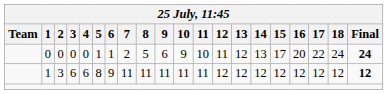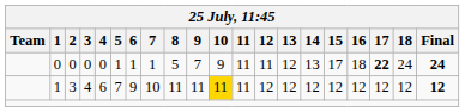 <table class=wikitable style="text-align:center; width: 55%">
 <tr>
 <th colspan=20><em>25 July, 11:45</em></th>
 </tr>
 <tr>
 <th>Team</th>
 <th>1</th>
 <th>2</th>
 <th>3</th>
 <th>4</th>
 <th>5</th>
 <th>6</th>
 <th>7</th>
 <th>8</th>
 <th>9</th>
 <th>10</th>
 <th>11</th>
 <th>12</th>
 <th>13</th>
 <th>14</th>
 <th>15</th>
 <th>16</th>
 <th>17</th>
 <th>18</th>
 <th>Final</th>
 </tr>
 <tr>
 <td align=left><strong></strong></td>
 <td>0</td>
 <td>0</td>
 <td>0</td>
 <td>0</td>
 <td>1</td>
 <td>1</td>
-<td>2</td>
+<td>1</td>
 <td>5</td>
-<td>6</td>
+<td>7</td>
 <td>9</td>
-<td>10</td>
+<td>11</td>
 <td>11</td>
 <td>12</td>
 <td>13</td>
 <td>17</td>
-<td>20</td>
-<td>22</td>
+<td>18</td>
+<td><strong>22</strong></td>
 <td>24</td>
 <td><strong>24</strong></td>
 </tr>
 <tr>
 <td align=left></td>
 <td>1</td>
 <td>3</td>
+<td>4</td>
 <td>6</td>
-<td>6</td>
-<td>8</td>
+<td>7</td>
 <td>9</td>
+<td>10</td>
 <td>11</td>
 <td>11</td>
-<td>11</td>
-<td>11</td>
+<td style="background: gold;">11</td>
 <td>11</td>
 <td>12</td>
 <td>12</td>
 <td>12</td>
 <td>12</td>
 <td>12</td>
 <td>12</td>
 <td>12</td>
 <td><strong>12</strong></td>
 </tr>
 <tr>
 <td colspan=20></td>
 </tr>
 </table>
